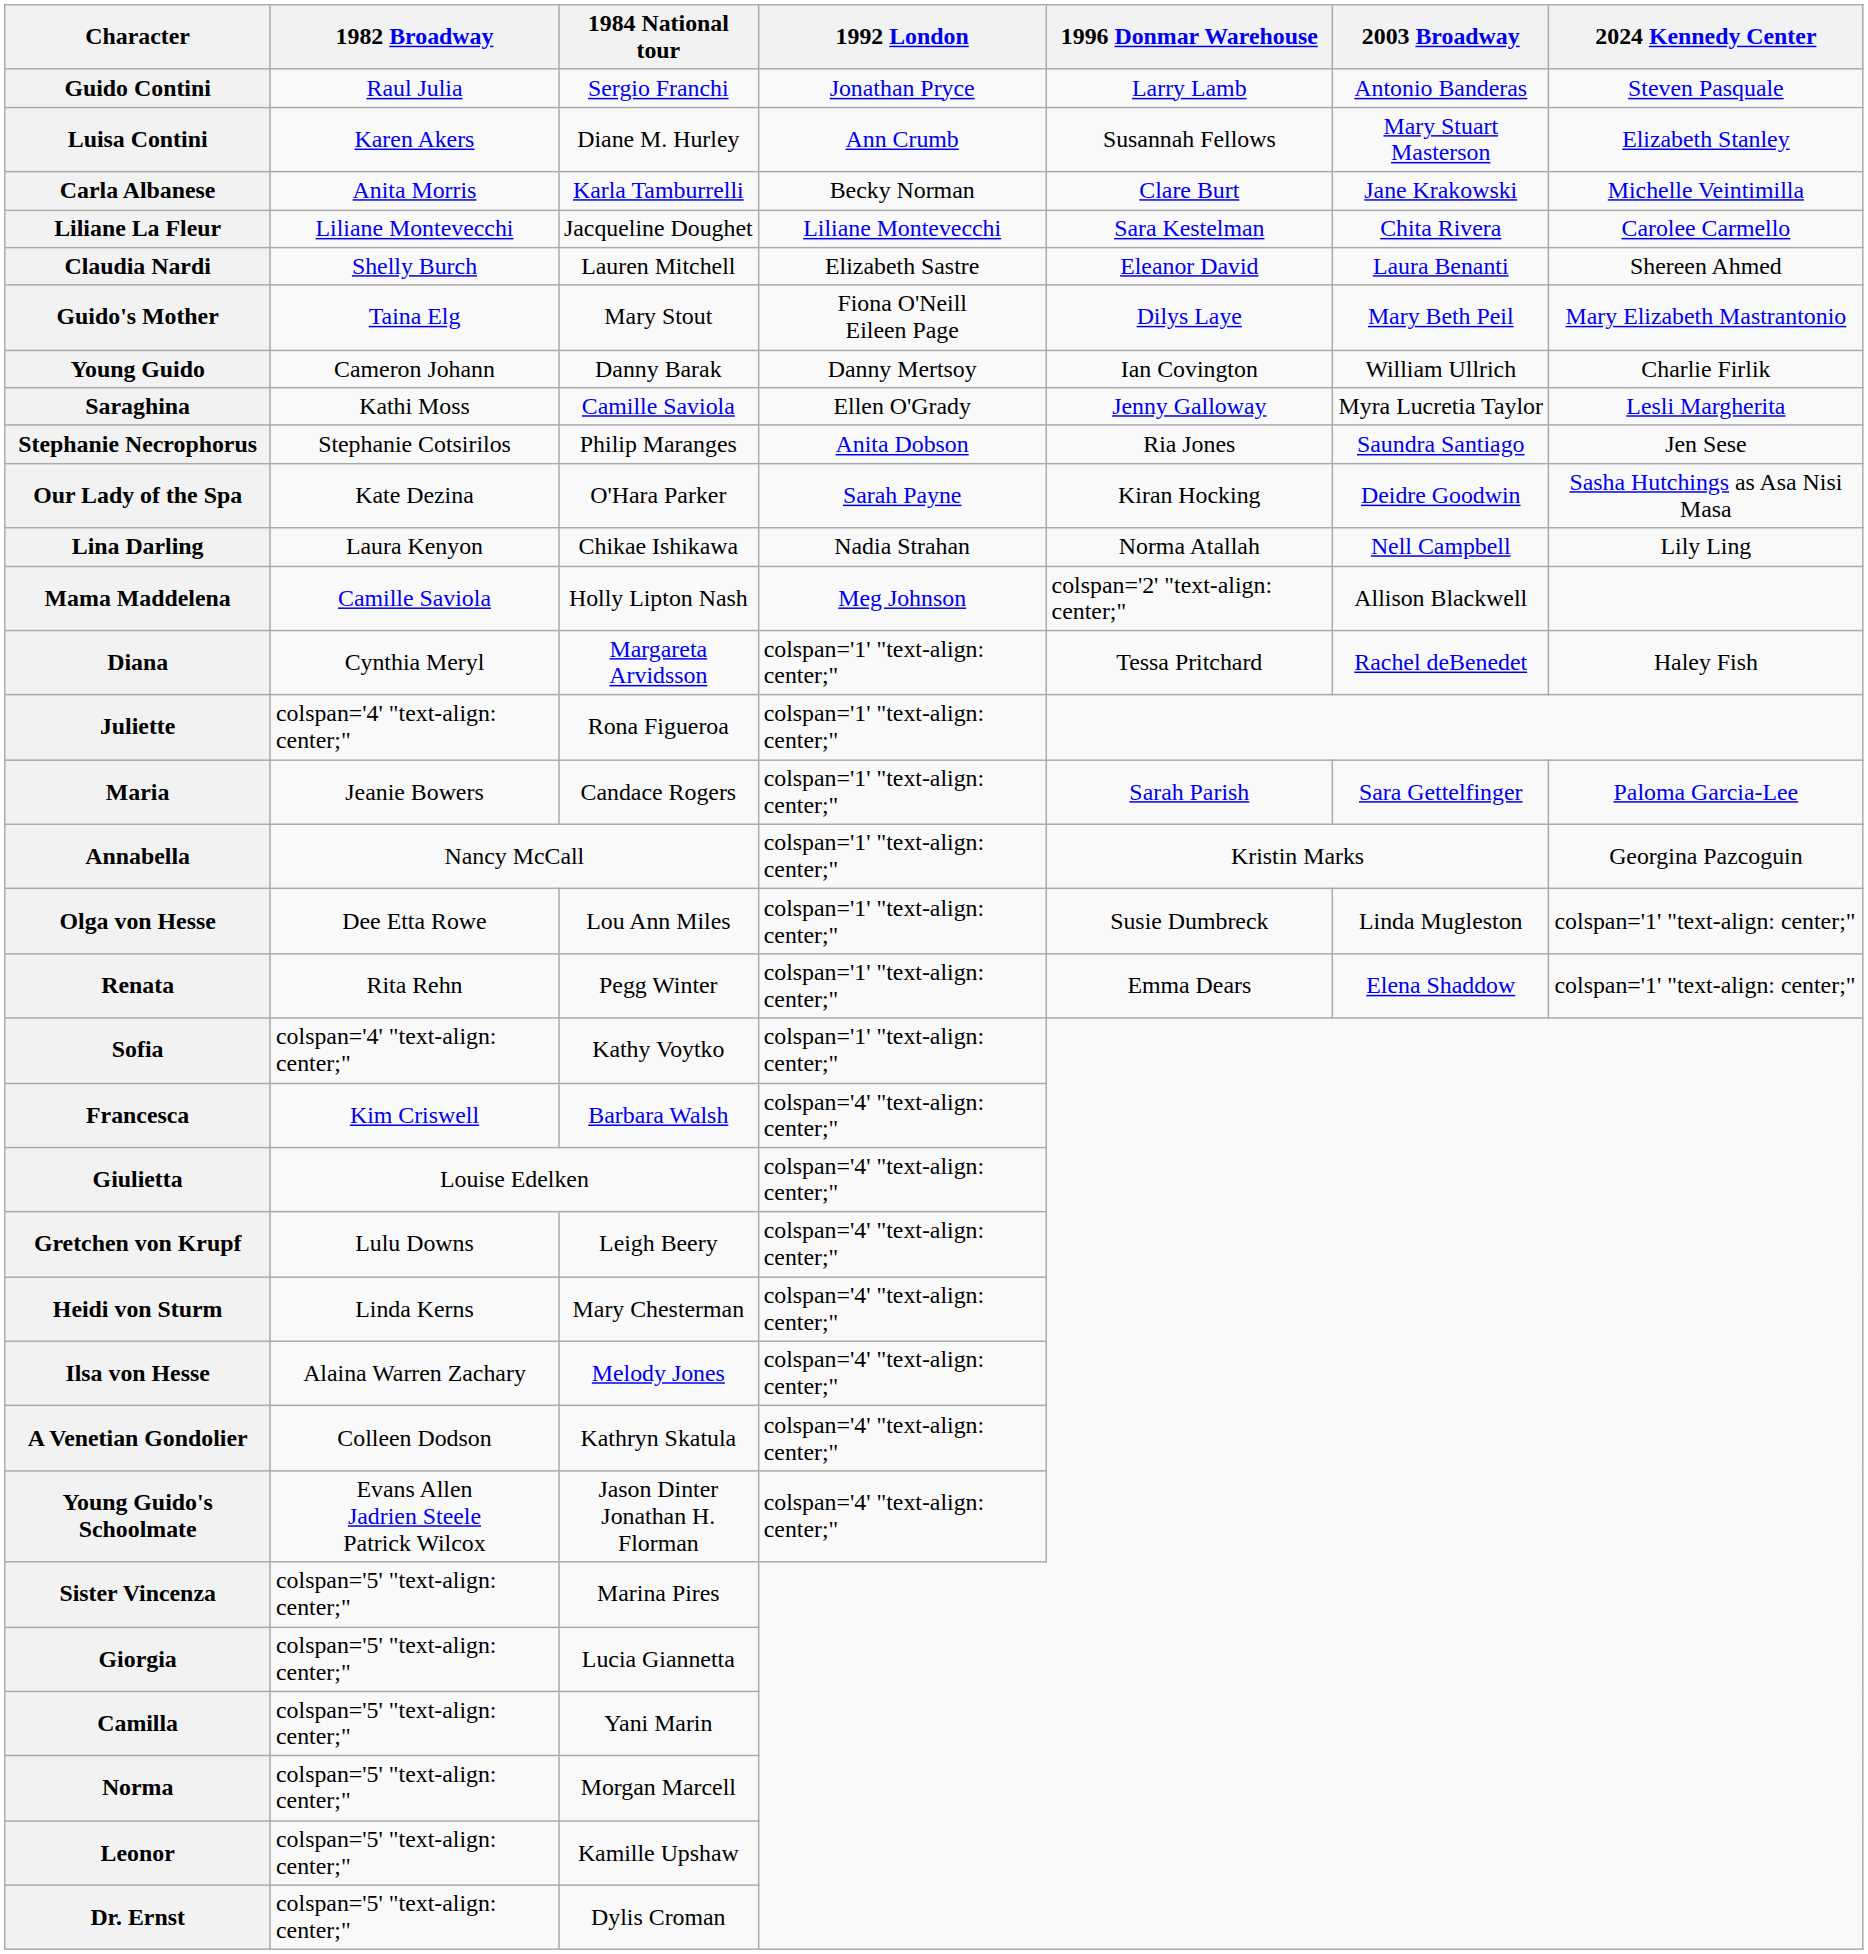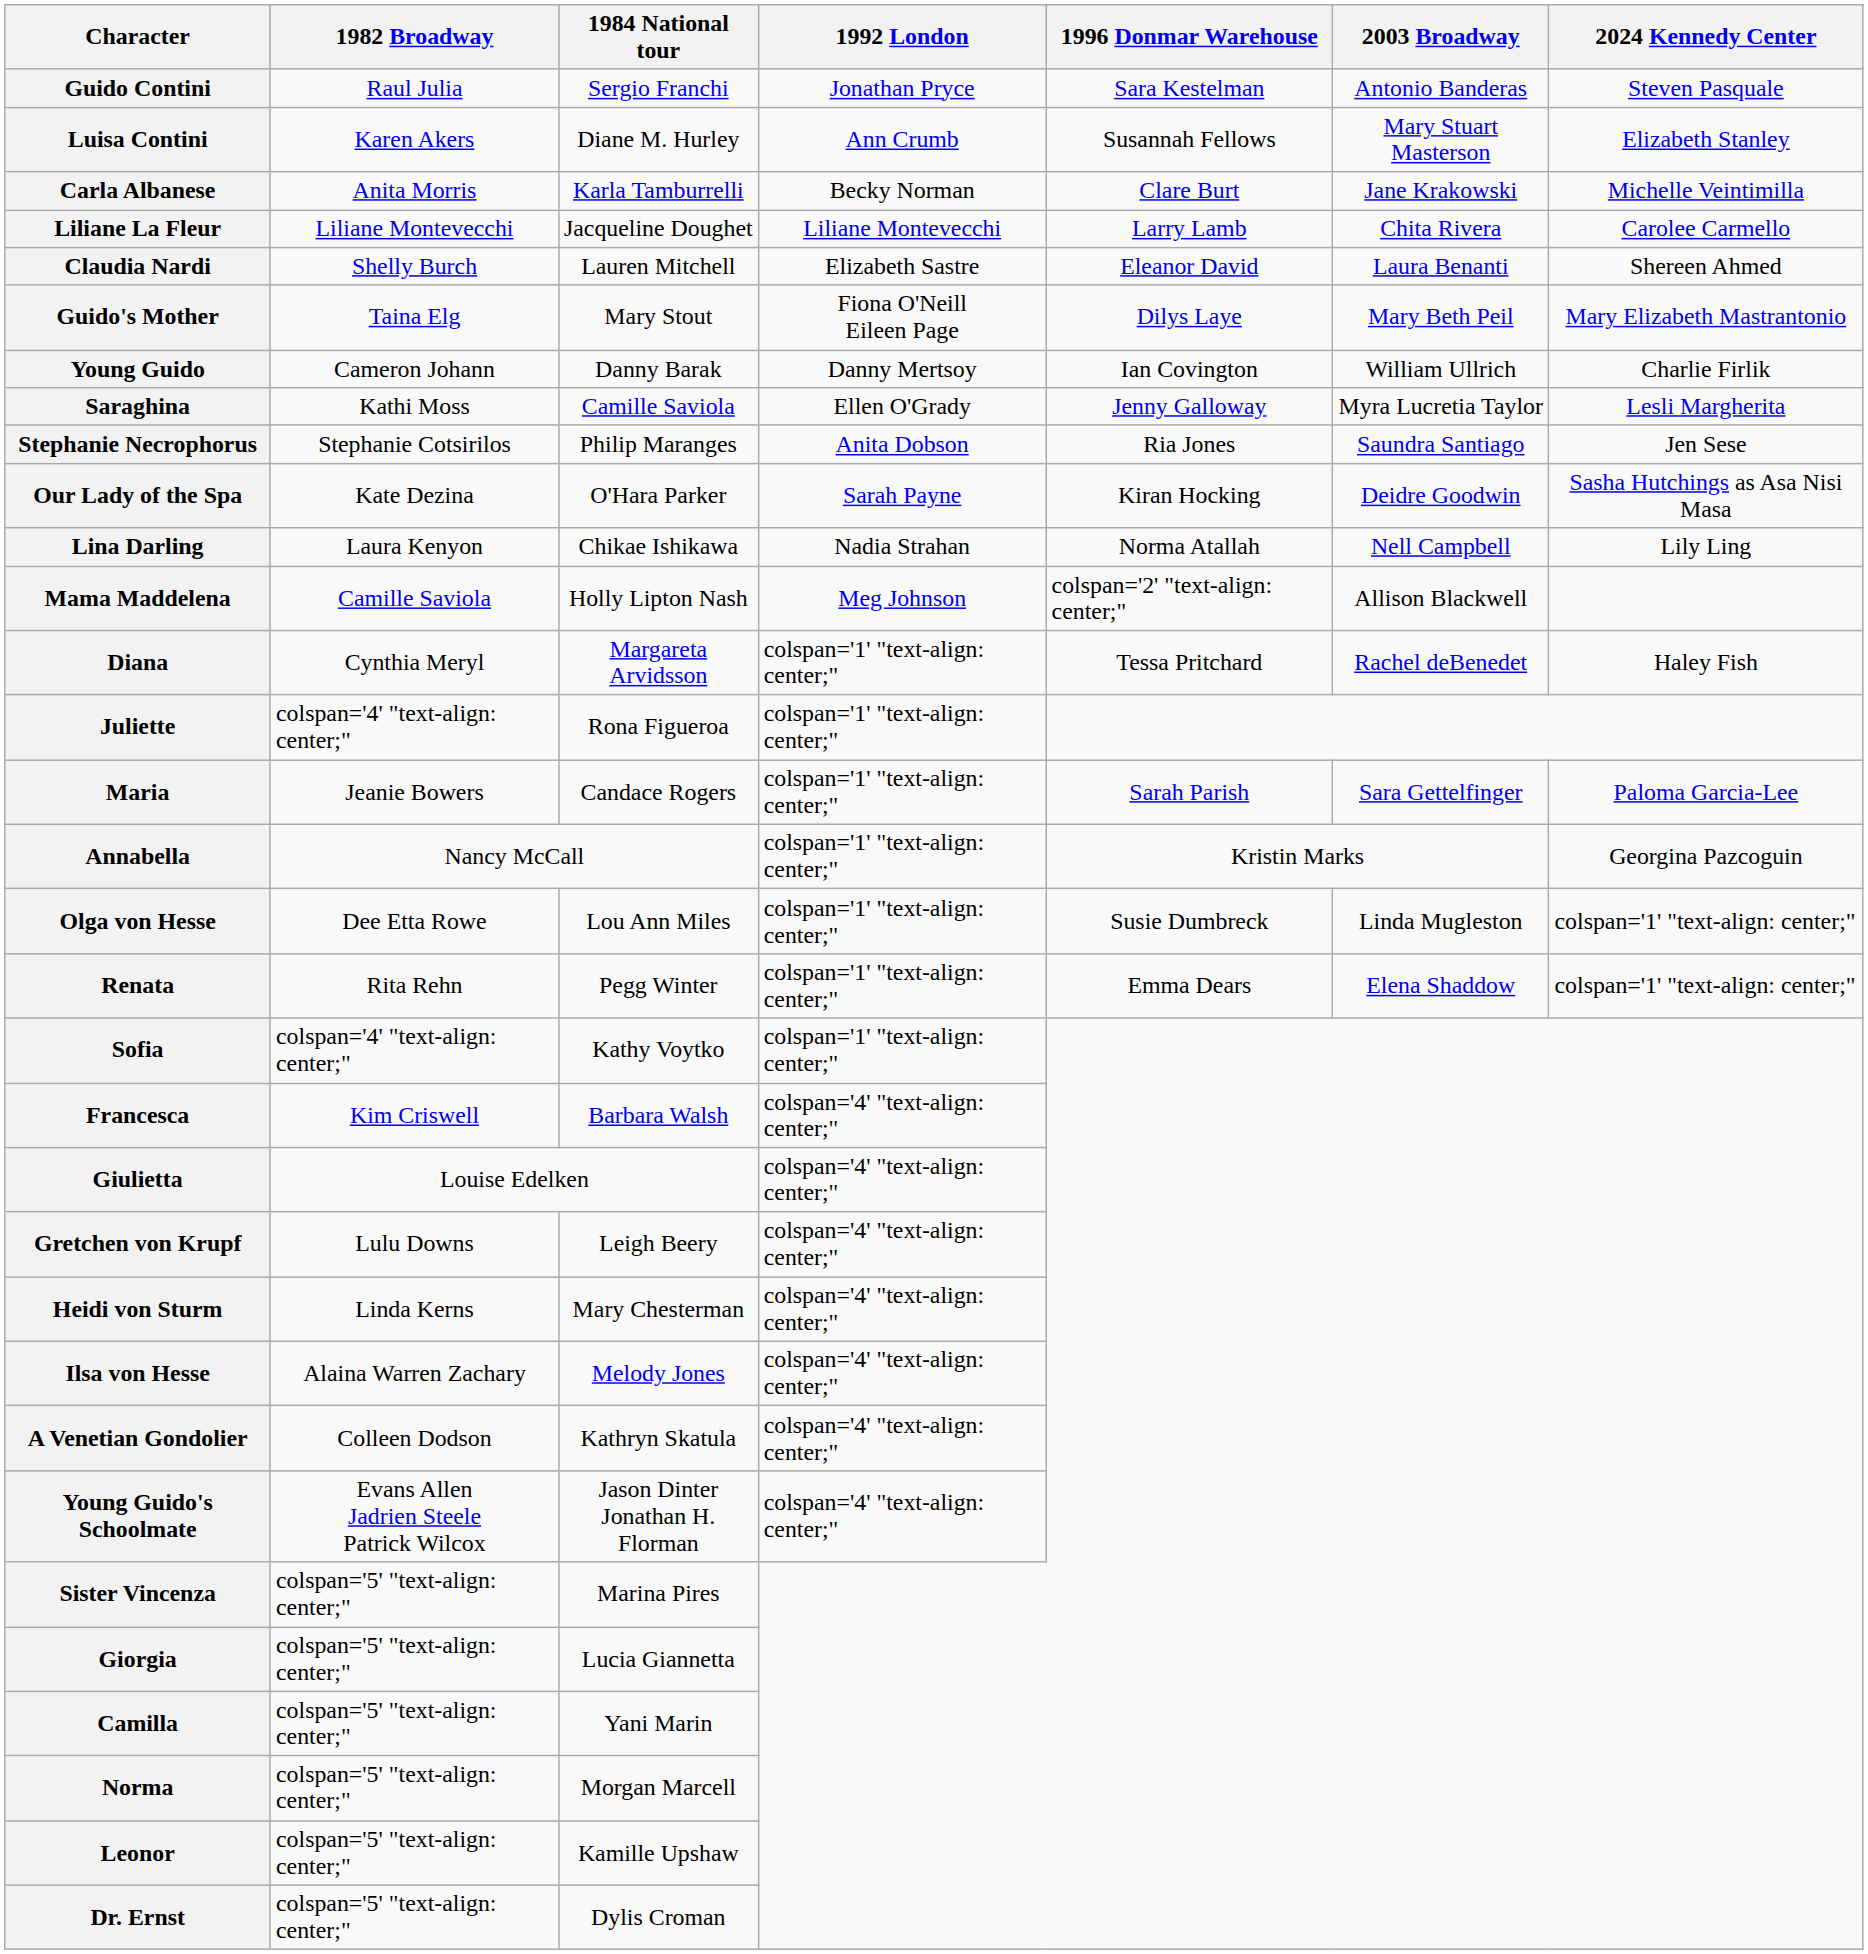 <table class="wikitable" style="width:1000;">
 <tr>
 <th>Character</th>
 <th>1982 <a href='#'>Broadway</a></th>
 <th>1984 National tour</th>
 <th>1992 <a href='#'>London</a></th>
 <th>1996 <a href='#'>Donmar Warehouse</a></th>
 <th>2003 <a href='#'>Broadway</a></th>
 <th>2024 <a href='#'>Kennedy Center</a></th>
 </tr>
 <tr>
 <th>Guido Contini</th>
 <td align="center"><a href='#'>Raul Julia</a></td>
 <td align="center"><a href='#'>Sergio Franchi</a></td>
 <td align="center"><a href='#'>Jonathan Pryce</a></td>
-<td align="center"><a href='#'>Larry Lamb</a></td>
+<td align="center"><a href='#'>Sara Kestelman</a></td>
 <td align="center"><a href='#'>Antonio Banderas</a></td>
 <td align="center"><a href='#'>Steven Pasquale</a></td>
 </tr>
 <tr>
 <th>Luisa Contini</th>
 <td align="center"><a href='#'>Karen Akers</a></td>
 <td align="center">Diane M. Hurley</td>
 <td align="center"><a href='#'>Ann Crumb</a></td>
 <td align="center">Susannah Fellows</td>
 <td align="center"><a href='#'>Mary Stuart Masterson</a></td>
 <td align="center"><a href='#'>Elizabeth Stanley</a></td>
 </tr>
 <tr>
 <th>Carla Albanese</th>
 <td align="center"><a href='#'>Anita Morris</a></td>
 <td align="center"><a href='#'>Karla Tamburrelli</a></td>
 <td align="center">Becky Norman</td>
 <td align="center"><a href='#'>Clare Burt</a></td>
 <td align="center"><a href='#'>Jane Krakowski</a></td>
 <td align="center"><a href='#'>Michelle Veintimilla</a></td>
 </tr>
 <tr>
 <th>Liliane La Fleur</th>
 <td align="center"><a href='#'>Liliane Montevecchi</a></td>
 <td align="center">Jacqueline Doughet</td>
 <td align="center"><a href='#'>Liliane Montevecchi</a></td>
-<td align="center"><a href='#'>Sara Kestelman</a></td>
+<td align="center"><a href='#'>Larry Lamb</a></td>
 <td align="center"><a href='#'>Chita Rivera</a></td>
 <td align="center"><a href='#'>Carolee Carmello</a></td>
 </tr>
 <tr>
 <th>Claudia Nardi</th>
 <td align="center"><a href='#'>Shelly Burch</a></td>
 <td align="center">Lauren Mitchell</td>
 <td align="center">Elizabeth Sastre</td>
 <td align="center"><a href='#'>Eleanor David</a></td>
 <td align="center"><a href='#'>Laura Benanti</a></td>
 <td align="center">Shereen Ahmed</td>
 </tr>
 <tr>
 <th>Guido's Mother</th>
 <td align="center"><a href='#'>Taina Elg</a></td>
 <td align="center">Mary Stout</td>
 <td align="center">Fiona O'Neill <br> Eileen Page</td>
 <td align="center"><a href='#'>Dilys Laye</a></td>
 <td align="center"><a href='#'>Mary Beth Peil</a></td>
 <td align="center"><a href='#'>Mary Elizabeth Mastrantonio</a></td>
 </tr>
 <tr>
 <th>Young Guido</th>
 <td align="center">Cameron Johann</td>
 <td align="center">Danny Barak</td>
 <td align="center">Danny Mertsoy</td>
 <td align="center">Ian Covington</td>
 <td align="center">William Ullrich</td>
 <td align="center">Charlie Firlik</td>
 </tr>
 <tr>
 <th>Saraghina</th>
 <td align="center">Kathi Moss</td>
 <td align="center"><a href='#'>Camille Saviola</a></td>
 <td align="center">Ellen O'Grady</td>
 <td align="center"><a href='#'>Jenny Galloway</a></td>
 <td align="center">Myra Lucretia Taylor</td>
 <td align="center"><a href='#'>Lesli Margherita</a></td>
 </tr>
 <tr>
 <th>Stephanie Necrophorus</th>
 <td align="center">Stephanie Cotsirilos</td>
 <td align="center">Philip Maranges</td>
 <td align="center"><a href='#'>Anita Dobson</a></td>
 <td align="center">Ria Jones</td>
 <td align="center"><a href='#'>Saundra Santiago</a></td>
 <td align="center">Jen Sese</td>
 </tr>
 <tr>
 <th>Our Lady of the Spa</th>
 <td align="center">Kate Dezina</td>
 <td align="center">O'Hara Parker</td>
 <td align="center"><a href='#'>Sarah Payne</a></td>
 <td align="center">Kiran Hocking</td>
 <td align="center"><a href='#'>Deidre Goodwin</a></td>
 <td align="center"><a href='#'>Sasha Hutchings</a> as Asa Nisi Masa</td>
 </tr>
 <tr>
 <th>Lina Darling</th>
 <td align="center">Laura Kenyon</td>
 <td align="center">Chikae Ishikawa</td>
 <td align="center">Nadia Strahan</td>
 <td align="center">Norma Atallah</td>
 <td align="center"><a href='#'>Nell Campbell</a></td>
 <td align="center">Lily Ling</td>
 </tr>
 <tr>
 <th>Mama Maddelena</th>
 <td align="center"><a href='#'>Camille Saviola</a></td>
 <td align="center">Holly Lipton Nash</td>
 <td align="center"><a href='#'>Meg Johnson</a></td>
 <td>colspan='2' "text-align: center;" </td>
 <td align="center">Allison Blackwell</td>
 </tr>
 <tr>
 <th>Diana</th>
 <td align="center">Cynthia Meryl</td>
 <td align="center"><a href='#'>Margareta Arvidsson</a></td>
 <td>colspan='1' "text-align: center;" </td>
 <td align="center">Tessa Pritchard</td>
 <td align="center"><a href='#'>Rachel deBenedet</a></td>
 <td align="center">Haley Fish</td>
 </tr>
 <tr>
 <th>Juliette</th>
 <td>colspan='4' "text-align: center;" </td>
 <td align="center">Rona Figueroa</td>
 <td>colspan='1' "text-align: center;" </td>
 </tr>
 <tr>
 <th>Maria</th>
 <td align="center">Jeanie Bowers</td>
 <td align="center">Candace Rogers</td>
 <td>colspan='1' "text-align: center;" </td>
 <td align="center"><a href='#'>Sarah Parish</a></td>
 <td align="center"><a href='#'>Sara Gettelfinger</a></td>
 <td align="center"><a href='#'>Paloma Garcia-Lee</a></td>
 </tr>
 <tr>
 <th>Annabella</th>
 <td colspan=2 align=center>Nancy McCall</td>
 <td>colspan='1' "text-align: center;" </td>
 <td colspan=2 align=center>Kristin Marks</td>
 <td colspan=2 align=center>Georgina Pazcoguin</td>
 </tr>
 <tr>
 <th>Olga von Hesse</th>
 <td align="center">Dee Etta Rowe</td>
 <td align="center">Lou Ann Miles</td>
 <td>colspan='1' "text-align: center;" </td>
 <td align="center">Susie Dumbreck</td>
 <td align="center">Linda Mugleston</td>
 <td>colspan='1' "text-align: center;" </td>
 </tr>
 <tr>
 <th>Renata</th>
 <td align="center">Rita Rehn</td>
 <td align="center">Pegg Winter</td>
 <td>colspan='1' "text-align: center;" </td>
 <td align="center">Emma Dears</td>
 <td align="center"><a href='#'>Elena Shaddow</a></td>
 <td>colspan='1' "text-align: center;" </td>
 </tr>
 <tr>
 <th>Sofia</th>
 <td>colspan='4' "text-align: center;" </td>
 <td align="center">Kathy Voytko</td>
 <td>colspan='1' "text-align: center;" </td>
 </tr>
 <tr>
 <th>Francesca</th>
 <td align="center"><a href='#'>Kim Criswell</a></td>
 <td align="center"><a href='#'>Barbara Walsh</a></td>
 <td>colspan='4' "text-align: center;" </td>
 </tr>
 <tr>
 <th>Giulietta</th>
 <td colspan=2 align=center>Louise Edelken</td>
 <td>colspan='4' "text-align: center;" </td>
 </tr>
 <tr>
 <th>Gretchen von Krupf</th>
 <td align="center">Lulu Downs</td>
 <td align="center">Leigh Beery</td>
 <td>colspan='4' "text-align: center;" </td>
 </tr>
 <tr>
 <th>Heidi von Sturm</th>
 <td align="center">Linda Kerns</td>
 <td align="center">Mary Chesterman</td>
 <td>colspan='4' "text-align: center;" </td>
 </tr>
 <tr>
 <th>Ilsa von Hesse</th>
 <td align="center">Alaina Warren Zachary</td>
 <td align="center"><a href='#'>Melody Jones</a></td>
 <td>colspan='4' "text-align: center;" </td>
 </tr>
 <tr>
 <th>A Venetian Gondolier</th>
 <td align="center">Colleen Dodson</td>
 <td align="center">Kathryn Skatula</td>
 <td>colspan='4' "text-align: center;" </td>
 </tr>
 <tr>
 <th>Young Guido's Schoolmate</th>
 <td align="center">Evans Allen <br> <a href='#'>Jadrien Steele</a> <br> Patrick Wilcox</td>
 <td align="center">Jason Dinter <br> Jonathan H. Florman</td>
 <td>colspan='4' "text-align: center;" </td>
 </tr>
 <tr>
 <th>Sister Vincenza</th>
 <td>colspan='5' "text-align: center;" </td>
 <td align="center">Marina Pires</td>
 </tr>
 <tr>
 <th>Giorgia</th>
 <td>colspan='5' "text-align: center;" </td>
 <td align="center">Lucia Giannetta</td>
 </tr>
 <tr>
 <th>Camilla</th>
 <td>colspan='5' "text-align: center;" </td>
 <td align="center">Yani Marin</td>
 </tr>
 <tr>
 <th>Norma</th>
 <td>colspan='5' "text-align: center;" </td>
 <td align="center">Morgan Marcell</td>
 </tr>
 <tr>
 <th>Leonor</th>
 <td>colspan='5' "text-align: center;" </td>
 <td align="center">Kamille Upshaw</td>
 </tr>
 <tr>
 <th>Dr. Ernst</th>
 <td>colspan='5' "text-align: center;" </td>
 <td align="center">Dylis Croman</td>
 </tr>
 </table>
